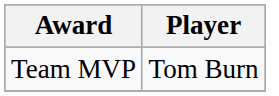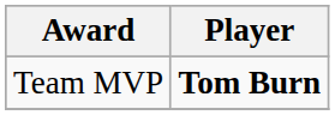 <table class="wikitable">
 <tr>
 <th>Award</th>
 <th>Player</th>
 </tr>
 <tr>
 <td>Team MVP</td>
-<td>Tom Burn</td>
+<td><strong>Tom Burn</strong></td>
 </tr>
 <tr>
 </tr>
 </table>
